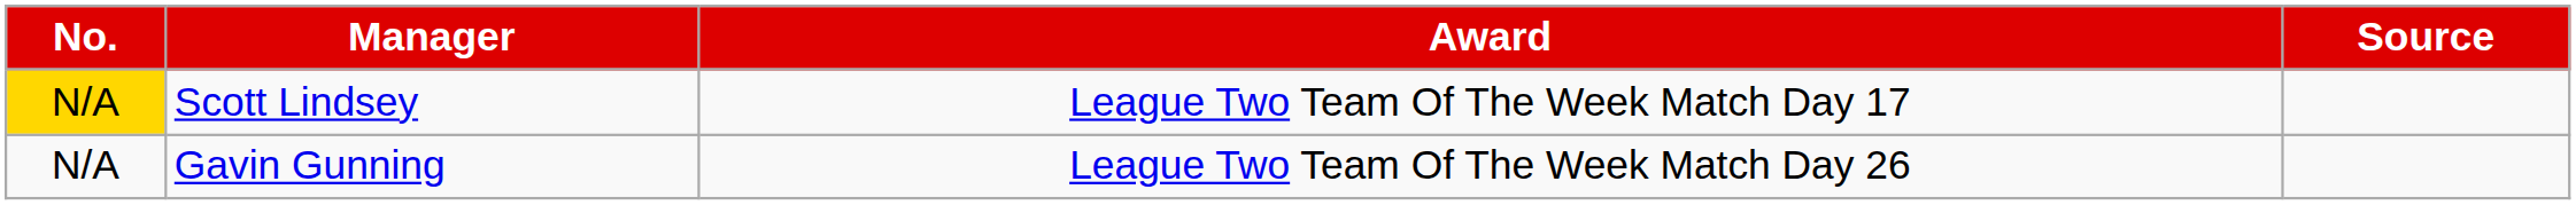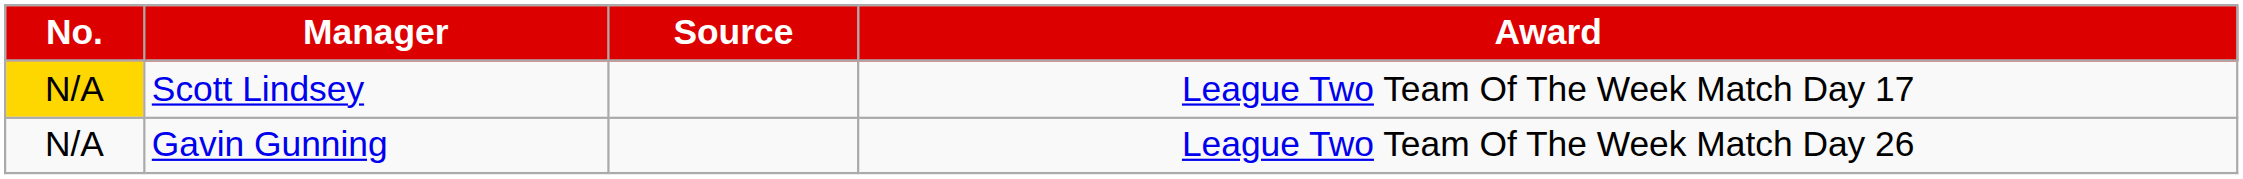 <table class="wikitable" style="text-align:center;width:80%;">
 <tr>
 <th style="background:#DD0000;color:#fff;">No.</th>
 <th style="background:#DD0000;color:#fff;">Manager</th>
+<th style="background:#DD0000;color:#fff;">Source</th>
 <th style="background:#DD0000;color:#fff;">Award</th>
-<th style="background:#DD0000;color:#fff;">Source</th>
 </tr>
 <tr>
 <td rowspan=1 style="background: gold;">N/A</td>
 <td rowspan=1; align=left> <a href='#'>Scott Lindsey</a></td>
+<td></td>
 <td><a href='#'>League Two</a> Team Of The Week Match Day 17</td>
-<td></td>
 </tr>
 <tr>
 <td rowspan=1>N/A</td>
 <td rowspan=1; align=left> <a href='#'>Gavin Gunning</a></td>
+<td></td>
 <td><a href='#'>League Two</a> Team Of The Week Match Day 26</td>
-<td></td>
 </tr>
 </table>
